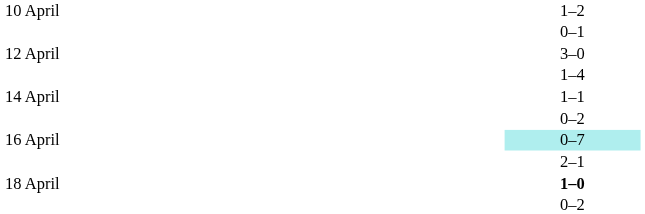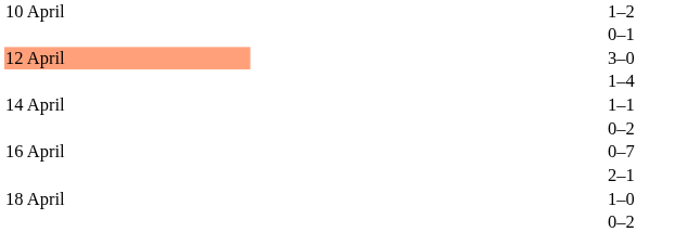 <table cellspacing=1 width=70%>
 <tr>
 <th width=25%></th>
 <th width=30%></th>
 <th width=15%></th>
 <th width=30%></th>
 </tr>
 <tr>
 <td>10 April</td>
 <td align=right></td>
 <td align=center>1–2</td>
 <td></td>
 </tr>
 <tr>
 <td></td>
 <td align=right></td>
 <td align=center>0–1</td>
 <td></td>
 </tr>
 <tr>
-<td>12 April</td>
+<td style="background: lightsalmon;">12 April</td>
 <td align=right></td>
 <td align=center>3–0</td>
 <td></td>
 </tr>
 <tr>
 <td></td>
 <td align=right></td>
 <td align=center>1–4</td>
 <td></td>
 </tr>
 <tr>
 <td>14 April</td>
 <td align=right></td>
 <td align=center>1–1</td>
 <td></td>
 </tr>
 <tr>
 <td></td>
 <td align=right></td>
 <td align=center>0–2</td>
 <td></td>
 </tr>
 <tr>
 <td>16 April</td>
 <td align=right></td>
-<td align=center style="background: paleturquoise;">0–7</td>
+<td align=center>0–7</td>
 <td></td>
 </tr>
 <tr>
 <td></td>
 <td align=right></td>
 <td align=center>2–1</td>
 <td></td>
 </tr>
 <tr>
 <td>18 April</td>
 <td align=right></td>
-<td align=center><strong>1–0</strong></td>
+<td align=center>1–0</td>
 <td></td>
 </tr>
 <tr>
 <td></td>
 <td align=right></td>
 <td align=center>0–2</td>
 <td></td>
 </tr>
 </table>
